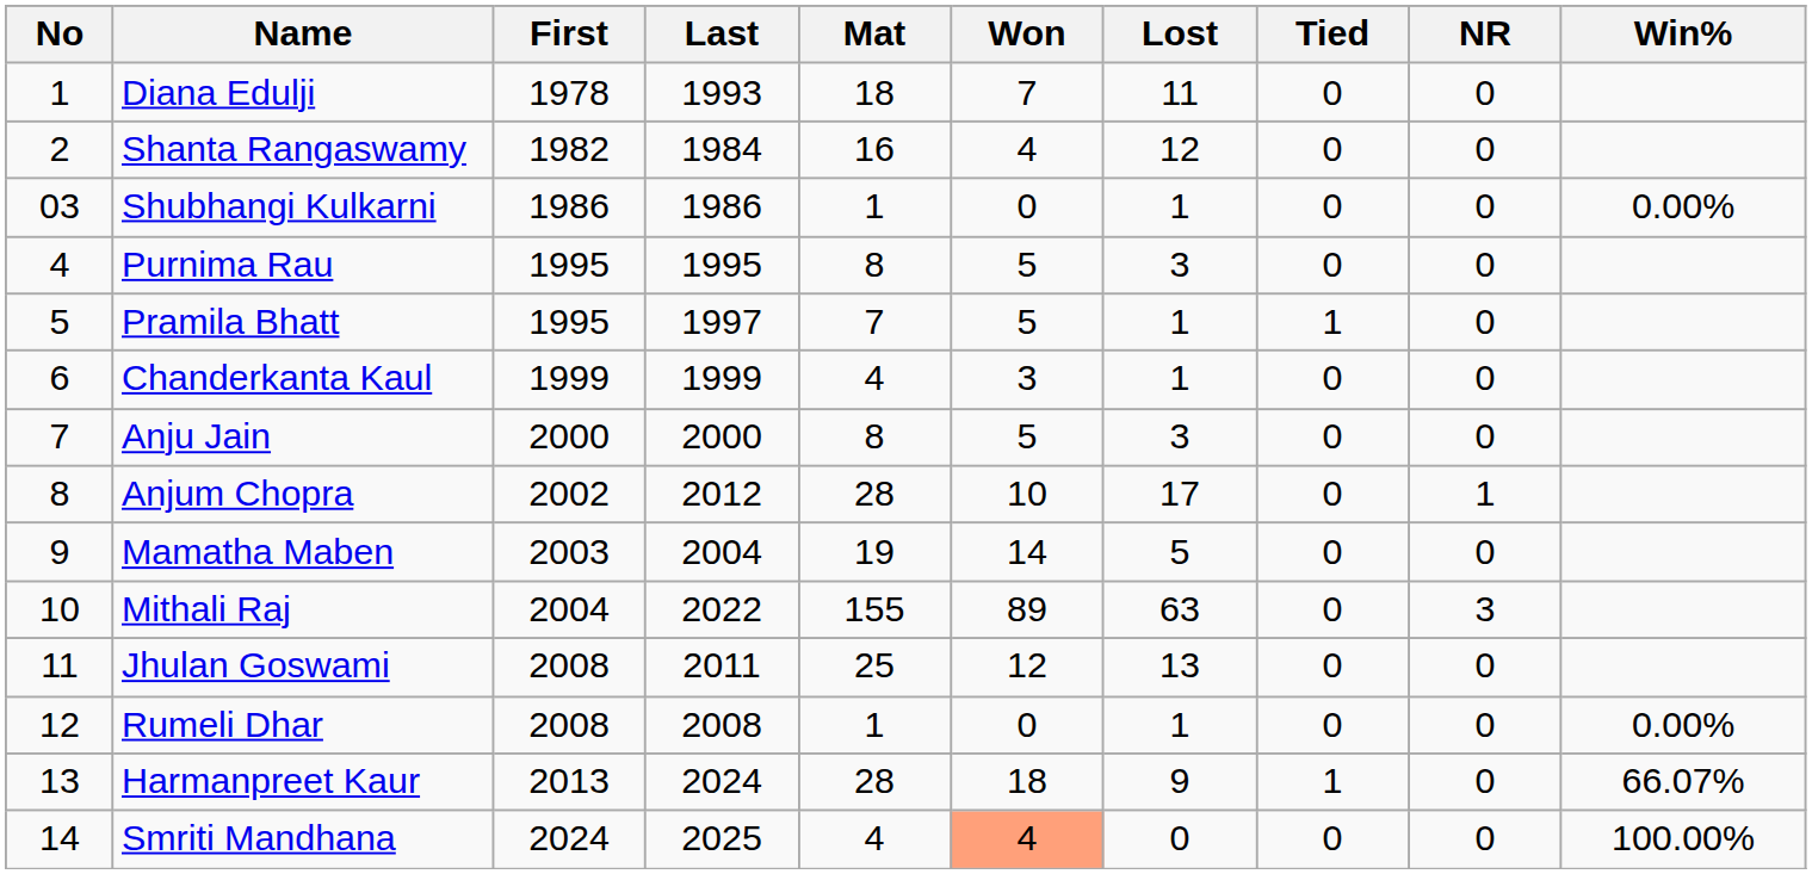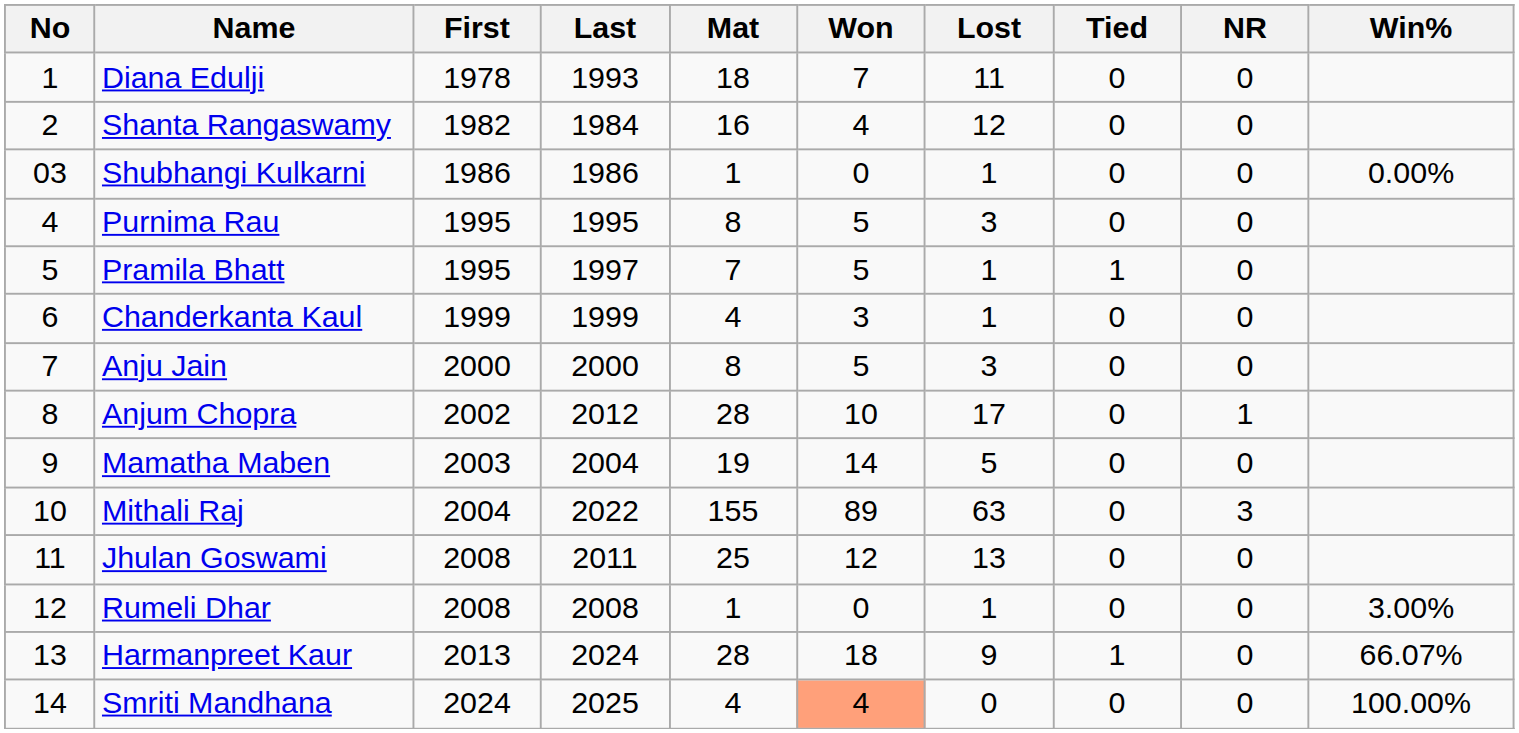 <table class="wikitable" style="font style:100%">
 <tr>
 <th scope="col" width="40">No</th>
 <th scope="col" width="160">Name</th>
 <th scope="col" width="60">First</th>
 <th scope="col" width="60">Last</th>
 <th scope="col" width="60">Mat</th>
 <th scope="col" width="60">Won</th>
 <th scope="col" width="60">Lost</th>
 <th scope="col" width="60">Tied</th>
 <th scope="col" width="60">NR</th>
 <th scope="col" width="100">Win%</th>
 </tr>
 <tr align=center>
 <td>1</td>
 <td scope="row" align=left><a href='#'>Diana Edulji</a></td>
 <td>1978</td>
 <td>1993</td>
 <td>18</td>
 <td>7</td>
 <td>11</td>
 <td>0</td>
 <td>0</td>
 <td></td>
 </tr>
 <tr align=center>
 <td>2</td>
 <td scope="row" align=left><a href='#'>Shanta Rangaswamy</a></td>
 <td>1982</td>
 <td>1984</td>
 <td>16</td>
 <td>4</td>
 <td>12</td>
 <td>0</td>
 <td>0</td>
 <td></td>
 </tr>
 <tr align=center>
 <td><span>0</span>3</td>
 <td scope="row" align=left><a href='#'>Shubhangi Kulkarni</a></td>
 <td>1986</td>
 <td>1986</td>
 <td>1</td>
 <td>0</td>
 <td>1</td>
 <td>0</td>
 <td>0</td>
 <td>0.00%</td>
 </tr>
 <tr align=center>
 <td>4</td>
 <td scope="row" align=left><a href='#'>Purnima Rau</a></td>
 <td>1995</td>
 <td>1995</td>
 <td>8</td>
 <td>5</td>
 <td>3</td>
 <td>0</td>
 <td>0</td>
 <td></td>
 </tr>
 <tr align=center>
 <td>5</td>
 <td scope="row" align=left><a href='#'>Pramila Bhatt</a></td>
 <td>1995</td>
 <td>1997</td>
 <td>7</td>
 <td>5</td>
 <td>1</td>
 <td>1</td>
 <td>0</td>
 <td></td>
 </tr>
 <tr align=center>
 <td>6</td>
 <td scope="row" align=left><a href='#'>Chanderkanta Kaul</a></td>
 <td>1999</td>
 <td>1999</td>
 <td>4</td>
 <td>3</td>
 <td>1</td>
 <td>0</td>
 <td>0</td>
 <td></td>
 </tr>
 <tr align=center>
 <td>7</td>
 <td scope="row" align=left><a href='#'>Anju Jain</a></td>
 <td>2000</td>
 <td>2000</td>
 <td>8</td>
 <td>5</td>
 <td>3</td>
 <td>0</td>
 <td>0</td>
 <td></td>
 </tr>
 <tr align=center>
 <td>8</td>
 <td scope="row" align=left><a href='#'>Anjum Chopra</a></td>
 <td>2002</td>
 <td>2012</td>
 <td>28</td>
 <td>10</td>
 <td>17</td>
 <td>0</td>
 <td>1</td>
 <td></td>
 </tr>
 <tr align=center>
 <td>9</td>
 <td scope="row" align=left><a href='#'>Mamatha Maben</a></td>
 <td>2003</td>
 <td>2004</td>
 <td>19</td>
 <td>14</td>
 <td>5</td>
 <td>0</td>
 <td>0</td>
 <td></td>
 </tr>
 <tr align=center>
 <td>10</td>
 <td scope="row" align=left><a href='#'>Mithali Raj</a></td>
 <td>2004</td>
 <td>2022</td>
 <td>155</td>
 <td>89</td>
 <td>63</td>
 <td>0</td>
 <td>3</td>
 <td></td>
 </tr>
 <tr align=center>
 <td>11</td>
 <td scope="row" align=left><a href='#'>Jhulan Goswami</a></td>
 <td>2008</td>
 <td>2011</td>
 <td>25</td>
 <td>12</td>
 <td>13</td>
 <td>0</td>
 <td>0</td>
 <td></td>
 </tr>
 <tr align=center>
 <td>12</td>
 <td scope="row" align=left><a href='#'>Rumeli Dhar</a></td>
 <td>2008</td>
 <td>2008</td>
 <td>1</td>
 <td>0</td>
 <td>1</td>
 <td>0</td>
 <td>0</td>
-<td>0.00%</td>
+<td>3.00%</td>
 </tr>
 <tr align=center>
 <td>13</td>
 <td scope="row" align=left><a href='#'>Harmanpreet Kaur</a></td>
 <td>2013</td>
 <td>2024</td>
 <td>28</td>
 <td>18</td>
 <td>9</td>
 <td>1</td>
 <td>0</td>
 <td>66.07%</td>
 </tr>
 <tr align=center>
 <td>14</td>
 <td scope="row" align=left><a href='#'>Smriti Mandhana</a></td>
 <td>2024</td>
 <td>2025</td>
 <td>4</td>
 <td style="background: lightsalmon;">4</td>
 <td>0</td>
 <td>0</td>
 <td>0</td>
 <td>100.00%</td>
 </tr>
 <tr align=center>
 </tr>
 </table>
